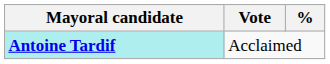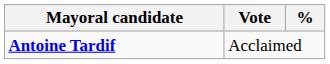 <table class="wikitable">
 <tr>
 <th bgcolor="#DDDDFF" width="200px">Mayoral candidate</th>
 <th bgcolor="#DDDDFF" width="50px">Vote</th>
 <th bgcolor="#DDDDFF" width="30px">%</th>
 </tr>
 <tr>
-<td style="background: paleturquoise;"><strong><a href='#'>Antoine Tardif</a></strong></td>
+<td><strong><a href='#'>Antoine Tardif</a></strong></td>
 <td colspan="2">Acclaimed</td>
 </tr>
 </table>
